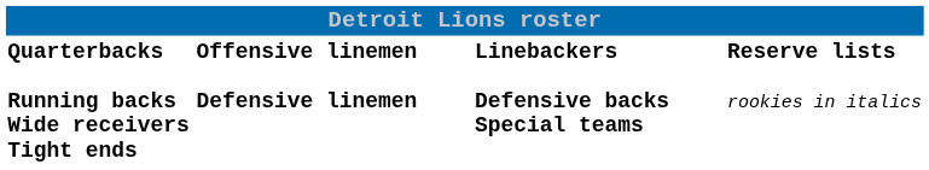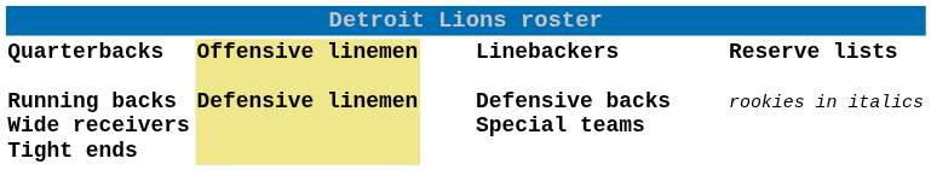 <table class="toccolours" style="text-align: left;">
 <tr>
 <th colspan="7" style="background-color:#006DB0;color:#C3C6CC;text-align:center;">Detroit Lions roster</th>
 </tr>
 <tr>
 <td style="font-size: 95%;" valign="top"><strong>Quarterbacks</strong><br>  <br><strong>Running backs</strong>    <br><strong>Wide receivers</strong>      <br><strong>Tight ends</strong>  </td>
-<td style="font-size: 95%;" valign="top"><strong>Offensive linemen</strong><br>       <br><strong>Defensive linemen</strong>      </td>
+<td style="background: khaki; font-size: 95%;" valign="top"><strong>Offensive linemen</strong><br>       <br><strong>Defensive linemen</strong>      </td>
 <td style="width: 25px;"></td>
 <td style="font-size: 95%;" valign="top"><strong>Linebackers</strong><br>    <br><strong>Defensive backs</strong>       <br><strong>Special teams</strong>   </td>
 <td style="width: 25px;"></td>
 <td style="font-size: 95%;" valign="top"><strong>Reserve lists</strong><br>   <br><small><em>rookies in italics</em></small><br></td>
 </tr>
 <tr>
 </tr>
 </table>
